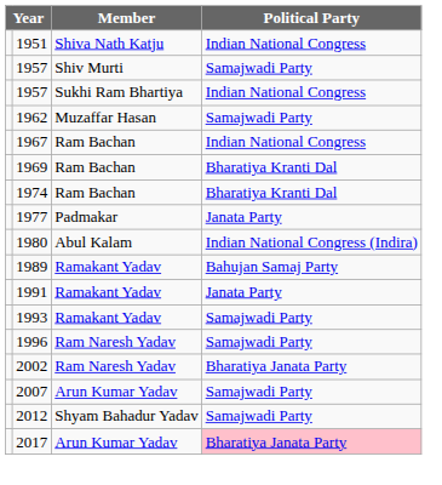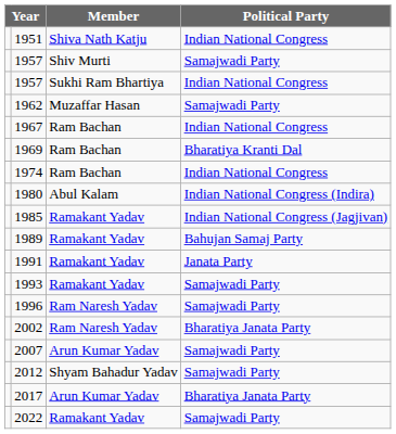 <table class="wikitable">
 <tr>
 <th style="background:#666; color:white;" colspan="2">Year</th>
 <th style="background:#666; color:white;">Member</th>
 <th style="background:#666; color:white;">Political Party</th>
 </tr>
 <tr>
 <td style="background-color: "></td>
 <td>1951</td>
 <td><a href='#'>Shiva Nath Katju</a></td>
 <td><a href='#'>Indian National Congress</a></td>
 </tr>
 <tr>
 <td style="background-color: "></td>
 <td>1957</td>
 <td>Shiv Murti</td>
 <td><a href='#'>Samajwadi Party</a></td>
 </tr>
 <tr>
 <td style="background-color: "></td>
 <td>1957</td>
 <td>Sukhi Ram Bhartiya</td>
 <td><a href='#'>Indian National Congress</a></td>
 </tr>
 <tr>
 <td style="background-color: "></td>
 <td>1962</td>
 <td>Muzaffar Hasan</td>
 <td><a href='#'>Samajwadi Party</a></td>
 </tr>
 <tr>
 <td style="background-color: "></td>
 <td>1967</td>
 <td>Ram Bachan</td>
 <td><a href='#'>Indian National Congress</a></td>
 </tr>
 <tr>
 <td style="background-color: "></td>
 <td>1969</td>
 <td>Ram Bachan</td>
 <td><a href='#'>Bharatiya Kranti Dal</a></td>
 </tr>
 <tr>
 <td style="background-color: "></td>
 <td>1974</td>
 <td>Ram Bachan</td>
-<td><a href='#'>Bharatiya Kranti Dal</a></td>
-</tr>
-<tr>
-<td style="background-color: "></td>
-<td>1977</td>
-<td>Padmakar</td>
-<td><a href='#'>Janata Party</a></td>
+<td><a href='#'>Indian National Congress</a></td>
 </tr>
 <tr>
 <td style="background-color: "></td>
 <td>1980</td>
 <td>Abul Kalam</td>
 <td><a href='#'>Indian National Congress (Indira)</a></td>
+</tr>
+<tr>
+<td style="background-color: "></td>
+<td>1985</td>
+<td><a href='#'>Ramakant Yadav</a></td>
+<td><a href='#'>Indian National Congress (Jagjivan)</a></td>
 </tr>
 <tr>
 <td style="background-color: "></td>
 <td>1989</td>
 <td><a href='#'>Ramakant Yadav</a></td>
 <td><a href='#'>Bahujan Samaj Party</a></td>
 </tr>
 <tr>
 <td style="background-color: "></td>
 <td>1991</td>
 <td><a href='#'>Ramakant Yadav</a></td>
 <td><a href='#'>Janata Party</a></td>
 </tr>
 <tr>
 <td style="background-color: "></td>
 <td>1993</td>
 <td><a href='#'>Ramakant Yadav</a></td>
 <td><a href='#'>Samajwadi Party</a></td>
 </tr>
 <tr>
 <td style="background-color: "></td>
 <td>1996</td>
 <td><a href='#'>Ram Naresh Yadav</a></td>
 <td><a href='#'>Samajwadi Party</a></td>
 </tr>
 <tr>
 <td style="background-color: "></td>
 <td>2002</td>
 <td><a href='#'>Ram Naresh Yadav</a></td>
 <td><a href='#'>Bharatiya Janata Party</a></td>
 </tr>
 <tr>
 <td style="background-color: "></td>
 <td>2007</td>
 <td><a href='#'>Arun Kumar Yadav</a></td>
 <td><a href='#'>Samajwadi Party</a></td>
 </tr>
 <tr>
 <td style="background-color: "></td>
 <td>2012</td>
 <td>Shyam Bahadur Yadav</td>
 <td><a href='#'>Samajwadi Party</a></td>
 </tr>
 <tr>
 <td style="background-color: "></td>
 <td>2017</td>
 <td><a href='#'>Arun Kumar Yadav</a></td>
-<td style="background: pink;"><a href='#'>Bharatiya Janata Party</a></td>
+<td><a href='#'>Bharatiya Janata Party</a></td>
+</tr>
+<tr>
+<td style="background-color: "></td>
+<td>2022</td>
+<td><a href='#'>Ramakant Yadav</a></td>
+<td><a href='#'>Samajwadi Party</a></td>
 </tr>
 </table>
